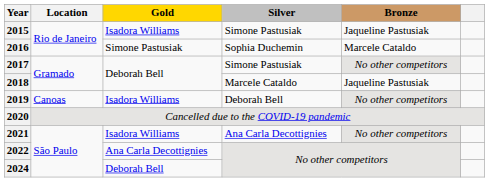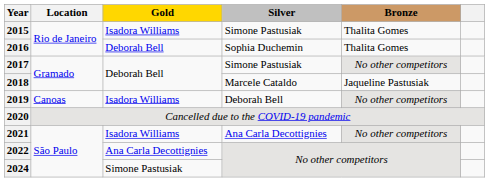 <table class="wikitable unsortable" style="text-align:left; width:80%;">
 <tr>
 <th scope="col" style="text-align:center; width:5%;">Year</th>
 <th scope="col" style="text-align:center; width:15%;">Location</th>
 <td scope="col" style="text-align:center; width:25%; background:gold"><strong>Gold</strong></td>
 <td scope="col" style="text-align:center; width:25%; background:silver"><strong>Silver</strong></td>
 <td scope="col" style="text-align:center; width:25%; background:#c96"><strong>Bronze</strong></td>
 <th scope="col" style="text-align:center; width:5%;"></th>
 </tr>
 <tr>
 <th scope="row">2015</th>
 <td rowspan="2"><a href='#'>Rio de Janeiro</a></td>
 <td><a href='#'>Isadora Williams</a></td>
 <td>Simone Pastusiak</td>
-<td>Jaqueline Pastusiak</td>
+<td>Thalita Gomes</td>
 <td></td>
 </tr>
 <tr>
 <th scope="row">2016</th>
-<td>Simone Pastusiak</td>
+<td><a href='#'>Deborah Bell</a></td>
 <td>Sophia Duchemin</td>
-<td>Marcele Cataldo</td>
+<td>Thalita Gomes</td>
 <td></td>
 </tr>
 <tr>
 <th scope="row">2017</th>
 <td rowspan="2"><a href='#'>Gramado</a></td>
 <td rowspan="2">Deborah Bell</td>
 <td>Simone Pastusiak</td>
 <td align="center" bgcolor="e5e4e2"><em>No other competitors</em></td>
 <td></td>
 </tr>
 <tr>
 <th scope="row">2018</th>
 <td>Marcele Cataldo</td>
 <td>Jaqueline Pastusiak</td>
 <td></td>
 </tr>
 <tr>
 <th scope="row">2019</th>
 <td><a href='#'>Canoas</a></td>
 <td><a href='#'>Isadora Williams</a></td>
 <td>Deborah Bell</td>
 <td align="center" bgcolor="e5e4e2"><em>No other competitors</em></td>
 <td></td>
 </tr>
 <tr>
 <th scope="row">2020</th>
 <td colspan=5 align="center" bgcolor="e5e4e2"><em>Cancelled due to the <a href='#'>COVID-19 pandemic</a></em></td>
 </tr>
 <tr>
 <th scope="row">2021</th>
 <td rowspan="3"><a href='#'>São Paulo</a></td>
 <td><a href='#'>Isadora Williams</a></td>
 <td><a href='#'>Ana Carla Decottignies</a></td>
 <td align="center" bgcolor="e5e4e2"><em>No other competitors</em></td>
 <td></td>
 </tr>
 <tr>
 <th scope="row">2022</th>
 <td><a href='#'>Ana Carla Decottignies</a></td>
 <td colspan="2" rowspan="2" align="center" bgcolor="e5e4e2"><em>No other competitors</em></td>
 <td></td>
 </tr>
 <tr>
 <th scope="row">2024</th>
-<td><a href='#'>Deborah Bell</a></td>
+<td>Simone Pastusiak</td>
 <td></td>
 </tr>
 </table>
